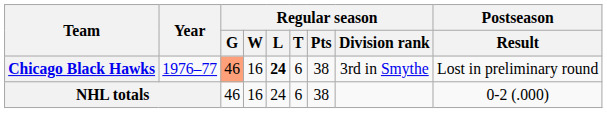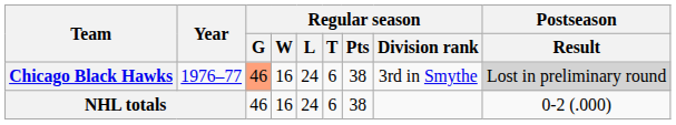 <table class="wikitable" style="font-size: 95%; text-align:center;">
 <tr>
 <th rowspan="2">Team</th>
 <th rowspan="2">Year</th>
 <th colspan="6">Regular season</th>
 <th colspan="1">Postseason</th>
 </tr>
 <tr>
 <th>G</th>
 <th>W</th>
 <th>L</th>
 <th>T</th>
 <th>Pts</th>
 <th>Division rank</th>
 <th>Result</th>
 </tr>
 <tr>
 <th><a href='#'>Chicago Black Hawks</a></th>
 <td><a href='#'>1976–77</a></td>
 <td style="background: lightsalmon;">46</td>
 <td>16</td>
-<td><strong>24</strong></td>
+<td>24</td>
 <td>6</td>
 <td>38</td>
 <td>3rd in <a href='#'>Smythe</a></td>
-<td>Lost in preliminary round</td>
+<td style="background: lightgrey;">Lost in preliminary round</td>
 </tr>
 <tr>
 <th colspan="2">NHL totals</th>
 <td>46</td>
 <td>16</td>
 <td>24</td>
 <td>6</td>
 <td>38</td>
 <td></td>
 <td>0-2 (.000)</td>
 </tr>
 </table>
